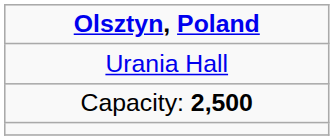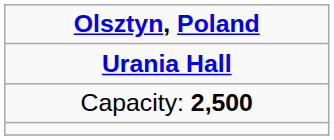 <table class=wikitable style=text-align:center width=210>
 <tr>
 <td><strong> <a href='#'>Olsztyn</a>, <a href='#'>Poland</a></strong></td>
 </tr>
 <tr>
-<td><a href='#'>Urania Hall</a></td>
+<td><strong><a href='#'>Urania Hall</a></strong></td>
 </tr>
 <tr>
 <td>Capacity: <strong>2,500</strong></td>
 </tr>
 <tr>
 <td></td>
 </tr>
 </table>
